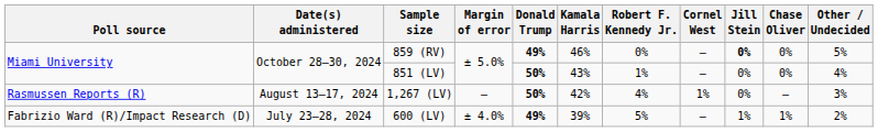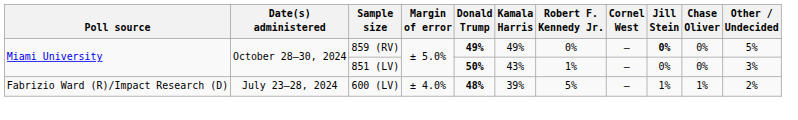 <table class="wikitable sortable mw-datatable" style="font-size:90%;text-align:center;line-height:17px">
 <tr valign=bottom>
 <th>Poll source</th>
 <th>Date(s)<br>administered</th>
 <th>Sample<br>size</th>
 <th>Margin<br>of error</th>
 <th class="unsortable">Donald<br>Trump<br></th>
 <th class="unsortable">Kamala<br>Harris<br></th>
 <th class="unsortable">Robert F.<br>Kennedy Jr.<br></th>
 <th class="unsortable">Cornel<br>West<br></th>
 <th class="unsortable">Jill<br>Stein<br></th>
 <th class="unsortable">Chase<br>Oliver<br></th>
 <th class="unsortable">Other /<br>Undecided</th>
 </tr>
 <tr>
 <td style="text-align:left;" rowspan="2"><a href='#'>Miami University</a></td>
 <td rowspan="2">October 28–30, 2024</td>
 <td>859 (RV)</td>
 <td rowspan="2">± 5.0%</td>
 <td style="background-color:"><strong>49%</strong></td>
-<td>46%</td>
+<td>49%</td>
 <td>0%</td>
 <td>–</td>
 <td><strong>0%</strong></td>
 <td>0%</td>
 <td>5%</td>
 </tr>
 <tr>
 <td>851 (LV)</td>
 <td style="background-color:"><strong>50%</strong></td>
 <td>43%</td>
 <td>1%</td>
 <td>–</td>
 <td>0%</td>
 <td>0%</td>
-<td>4%</td>
-</tr>
-<tr>
-<td style="text-align:left;"><a href='#'>Rasmussen Reports (R)</a></td>
-<td data-sort-value="2024-08-17">August 13–17, 2024</td>
-<td>1,267 (LV)</td>
-<td>–</td>
-<td style="background-color:"><strong>50%</strong></td>
-<td>42%</td>
-<td>4%</td>
-<td>1%</td>
-<td>0%</td>
-<td>–</td>
 <td>3%</td>
 </tr>
 <tr>
 <td style="text-align:left;">Fabrizio Ward (R)/Impact Research (D)</td>
 <td data-sort-value="2024-07-28">July 23–28, 2024</td>
 <td>600 (LV)</td>
 <td>± 4.0%</td>
-<td style="background-color:"><strong>49%</strong></td>
+<td style="background-color:"><strong>48%</strong></td>
 <td>39%</td>
 <td>5%</td>
 <td>–</td>
 <td>1%</td>
 <td>1%</td>
 <td>2%</td>
 </tr>
 </table>
